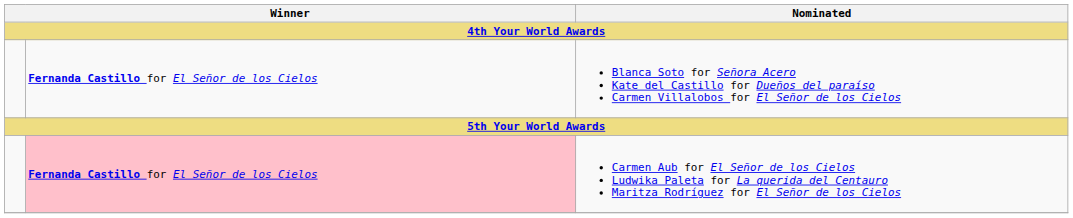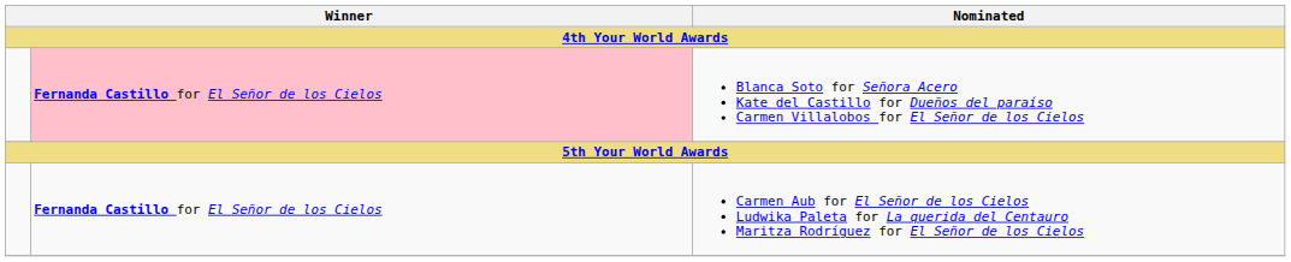 <table class="wikitable" width=80%>
 <tr align=center>
 <th width="150px;" colspan=2; align="center">Winner</th>
 <th width="580px;" align="center">Nominated</th>
 </tr>
 <tr>
 <th colspan=9 style="background:#EEDD82;"  align="center"><strong><a href='#'>4th Your World Awards</a></strong></th>
 </tr>
 <tr>
 <td width=2%></td>
-<td><strong><a href='#'>Fernanda Castillo </a></strong> for <em><a href='#'>El Señor de los Cielos</a></em></td>
+<td style="background: pink;"><strong><a href='#'>Fernanda Castillo </a></strong> for <em><a href='#'>El Señor de los Cielos</a></em></td>
 <td><br><ul><li><a href='#'>Blanca Soto</a> for <em><a href='#'>Señora Acero</a></em></li><li><a href='#'>Kate del Castillo</a> for <em><a href='#'>Dueños del paraíso</a></em></li><li><a href='#'>Carmen Villalobos </a> for <em><a href='#'>El Señor de los Cielos</a></em></li></ul></td>
 </tr>
 <tr>
 <th colspan=9 style="background:#EEDD82;"  align="center"><strong><a href='#'>5th Your World Awards</a></strong></th>
 </tr>
 <tr>
 <td width=2%></td>
-<td style="background: pink;"><strong><a href='#'>Fernanda Castillo </a></strong> for <em><a href='#'>El Señor de los Cielos</a></em></td>
+<td><strong><a href='#'>Fernanda Castillo </a></strong> for <em><a href='#'>El Señor de los Cielos</a></em></td>
 <td><br><ul><li><a href='#'>Carmen Aub</a> for <em><a href='#'>El Señor de los Cielos</a></em></li><li><a href='#'>Ludwika Paleta</a> for <em><a href='#'>La querida del Centauro</a></em></li><li><a href='#'>Maritza Rodríguez</a> for <em><a href='#'>El Señor de los Cielos</a></em></li></ul></td>
 </tr>
 <tr>
 </tr>
 </table>
